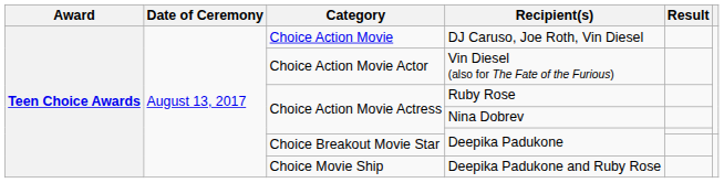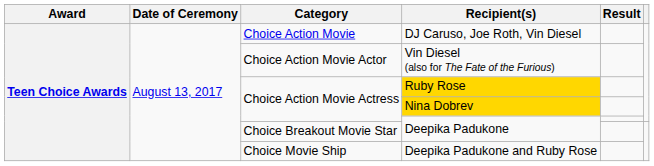 <table class="wikitable sortable plainrowheaders">
 <tr>
 <th scope="col">Award</th>
 <th scope="col">Date of Ceremony</th>
 <th scope="col">Category</th>
 <th scope="col">Recipient(s)</th>
 <th scope="col">Result</th>
 <th scope="col"></th>
 </tr>
 <tr>
 <th rowspan="7"><strong><a href='#'>Teen Choice Awards</a></strong></th>
 <td rowspan="7"><a href='#'>August 13, 2017</a></td>
 <td><a href='#'>Choice Action Movie</a></td>
 <td>DJ Caruso, Joe Roth, Vin Diesel</td>
 <td></td>
 <td rowspan="5"></td>
 </tr>
 <tr>
 <td>Choice Action Movie Actor</td>
 <td>Vin Diesel<br><small>(also for <em>The Fate of the Furious</em>)</small></td>
 <td></td>
 </tr>
 <tr>
 <td rowspan="3">Choice Action Movie Actress</td>
-<td>Ruby Rose</td>
+<td style="background: gold;">Ruby Rose</td>
 <td></td>
 </tr>
 <tr>
-<td>Nina Dobrev</td>
+<td style="background: gold;">Nina Dobrev</td>
 <td></td>
 </tr>
 <tr>
 <td rowspan="2">Deepika Padukone</td>
 <td></td>
 </tr>
 <tr>
 <td>Choice Breakout Movie Star</td>
 <td></td>
 <td rowspan="2"></td>
 </tr>
 <tr>
 <td>Choice Movie Ship</td>
 <td>Deepika Padukone and Ruby Rose</td>
 <td></td>
 </tr>
 </table>
